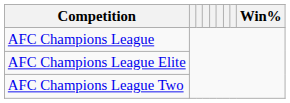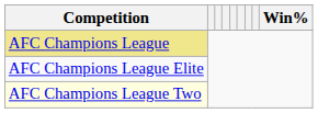 <table class="sortable wikitable" style="text-align:center;">
 <tr>
 <th>Competition</th>
 <th></th>
 <th></th>
 <th></th>
 <th></th>
 <th></th>
 <th></th>
 <th></th>
 <th>Win%</th>
 </tr>
 <tr>
-<td align=left><a href='#'>AFC Champions League</a><br></td>
+<td align=left style="background: khaki;"><a href='#'>AFC Champions League</a><br></td>
 </tr>
 <tr>
 <td align=left><a href='#'>AFC Champions League Elite</a><br></td>
 </tr>
 <tr>
-<td align=left><a href='#'>AFC Champions League Two</a><br></td>
+<td align=left style="background: lightyellow;"><a href='#'>AFC Champions League Two</a><br></td>
 </tr>
 </table>
